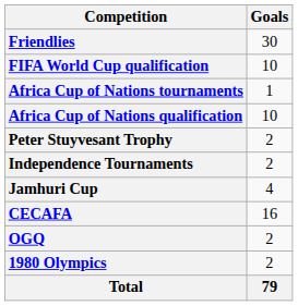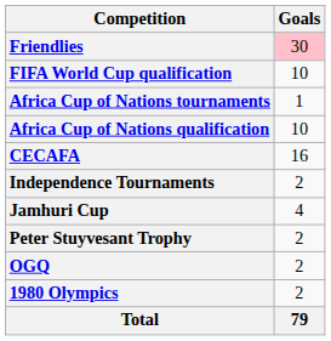 <table class="wikitable sortable plainrowheaders" style="text-align:center">
 <tr>
 <th scope=col>Competition</th>
 <th scope=col>Goals</th>
 </tr>
 <tr>
 <th style="text-align:left" scope=row><a href='#'>Friendlies</a></th>
-<td>30</td>
+<td style="background: pink;">30</td>
 </tr>
 <tr>
 <th style="text-align:left" scope=row><a href='#'>FIFA World Cup qualification</a></th>
 <td>10</td>
 </tr>
 <tr>
 <th style="text-algin:left" scope=row><a href='#'>Africa Cup of Nations tournaments</a></th>
 <td>1</td>
 </tr>
 <tr>
 <th style="text-align:left" scope=row><a href='#'>Africa Cup of Nations qualification</a></th>
 <td>10</td>
 </tr>
 <tr>
-<th style="text-align:left" scope=row>Peter Stuyvesant Trophy</th>
-<td>2</td>
+<th style="text-align:left" scope=row><a href='#'>CECAFA</a></th>
+<td>16</td>
 </tr>
 <tr>
 <th style="text-align:left" scope=row>Independence Tournaments</th>
 <td>2</td>
 </tr>
 <tr>
 <th style="text-align:left" scope=row>Jamhuri Cup</th>
 <td>4</td>
 </tr>
 <tr>
-<th style="text-align:left" scope=row><a href='#'>CECAFA</a></th>
-<td>16</td>
+<th style="text-align:left" scope=row>Peter Stuyvesant Trophy</th>
+<td>2</td>
 </tr>
 <tr>
 <th style="text-align:left" scope=row><a href='#'>OGQ</a></th>
 <td>2</td>
 </tr>
 <tr>
 <th style="text-align:left" scope=row><a href='#'>1980 Olympics</a></th>
 <td>2</td>
 </tr>
 <tr>
 <th>Total</th>
 <th>79</th>
 </tr>
 </table>
